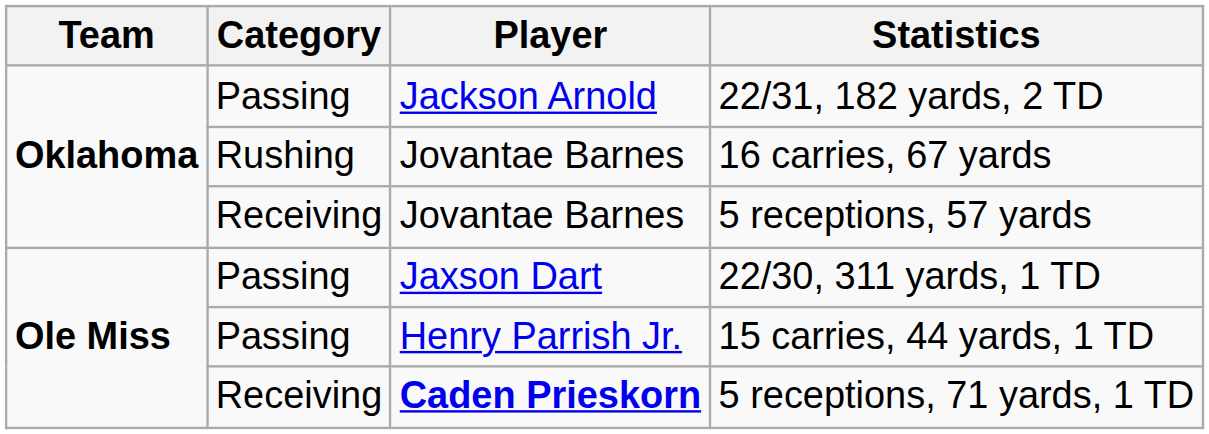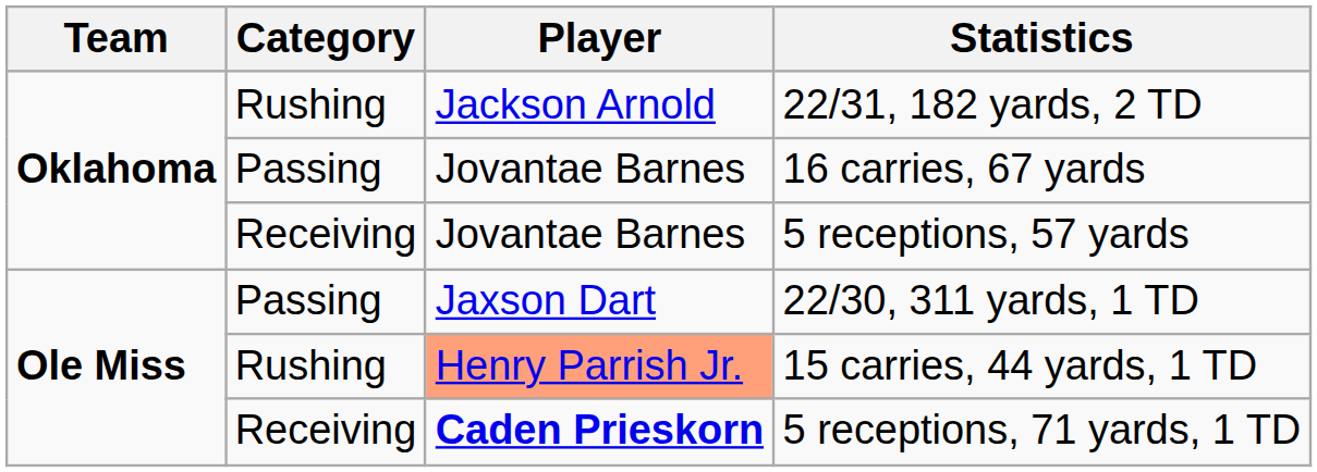 <table class="wikitable" style="float: right;">
 <tr>
 <th>Team</th>
 <th>Category</th>
 <th>Player</th>
 <th>Statistics</th>
 </tr>
 <tr>
 <td rowspan=3><strong>Oklahoma </strong></td>
-<td>Passing</td>
+<td>Rushing</td>
 <td><a href='#'>Jackson Arnold</a></td>
 <td>22/31, 182 yards, 2 TD</td>
 </tr>
 <tr>
-<td>Rushing</td>
+<td>Passing</td>
 <td>Jovantae Barnes</td>
 <td>16 carries, 67 yards</td>
 </tr>
 <tr>
 <td>Receiving</td>
 <td>Jovantae Barnes</td>
 <td>5 receptions, 57 yards</td>
 </tr>
 <tr>
 <td rowspan=3><strong>Ole Miss </strong></td>
 <td>Passing</td>
 <td><a href='#'>Jaxson Dart</a></td>
 <td>22/30, 311 yards, 1 TD</td>
 </tr>
 <tr>
-<td>Passing</td>
-<td><a href='#'>Henry Parrish Jr.</a></td>
+<td>Rushing</td>
+<td style="background: lightsalmon;"><a href='#'>Henry Parrish Jr.</a></td>
 <td>15 carries, 44 yards, 1 TD</td>
 </tr>
 <tr>
 <td>Receiving</td>
 <td><strong><a href='#'>Caden Prieskorn</a></strong></td>
 <td>5 receptions, 71 yards, 1 TD</td>
 </tr>
 </table>
